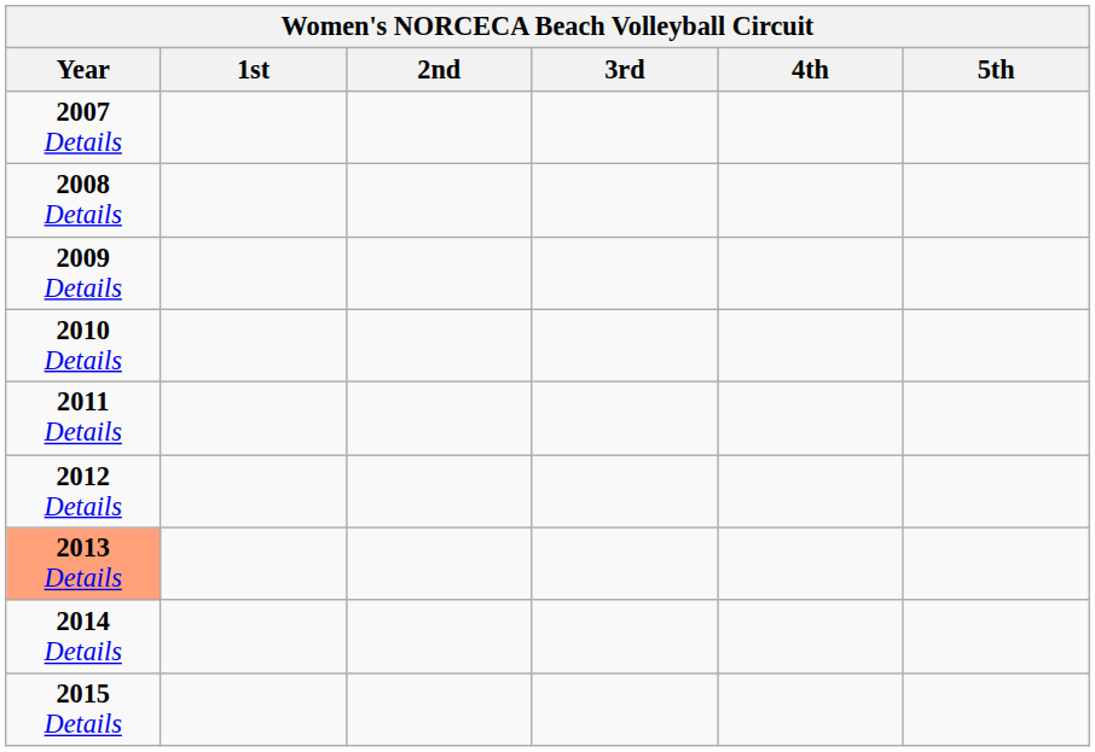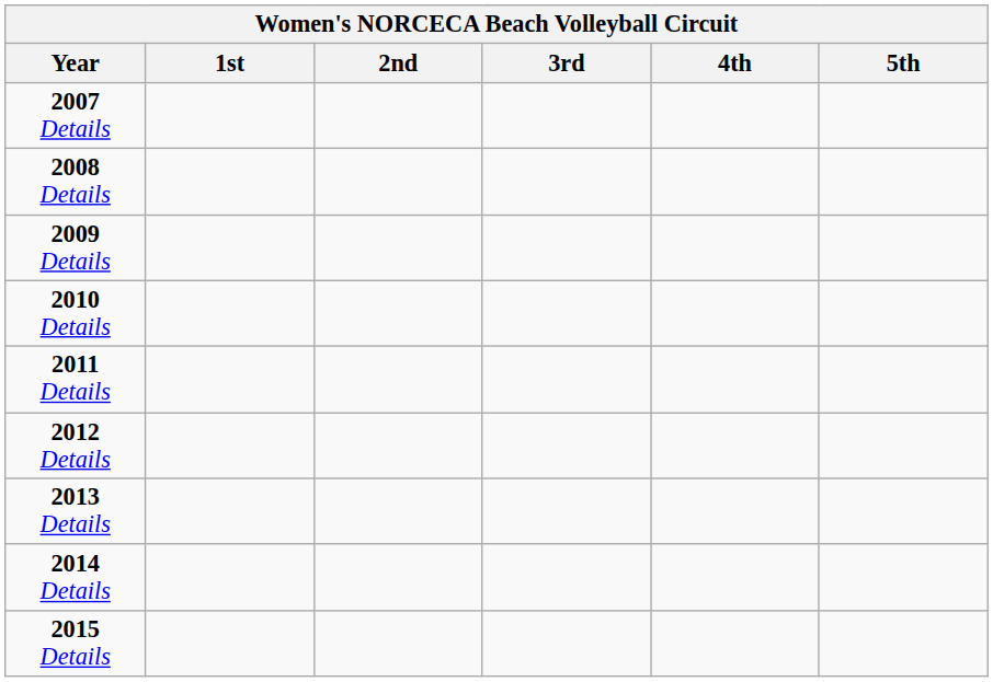 <table class="wikitable">
 <tr style= "background: #e2e2e2;">
 <th colspan=6 width=100%>Women's NORCECA Beach Volleyball Circuit</th>
 </tr>
 <tr style="background: #efefef;">
 <th width=10%>Year</th>
 <th width=12%>1st</th>
 <th width=12%>2nd</th>
 <th width=12%>3rd</th>
 <th width=12%>4th</th>
 <th width=12%>5th</th>
 </tr>
 <tr align=center>
 <td><strong>2007</strong><br><em><a href='#'>Details</a></em></td>
 <td><strong></strong></td>
 <td></td>
 <td></td>
 <td><br></td>
 <td></td>
 </tr>
 <tr align=center>
 <td><strong>2008</strong><br><em><a href='#'>Details</a></em></td>
 <td><strong></strong></td>
 <td></td>
 <td></td>
 <td></td>
 <td></td>
 </tr>
 <tr align=center>
 <td><strong>2009</strong><br><em><a href='#'>Details</a></em></td>
 <td><strong></strong></td>
 <td></td>
 <td></td>
 <td></td>
 <td></td>
 </tr>
 <tr align=center>
 <td><strong>2010</strong><br><em><a href='#'>Details</a></em></td>
 <td><strong></strong></td>
 <td></td>
 <td></td>
 <td></td>
 <td></td>
 </tr>
 <tr align=center>
 <td><strong>2011</strong><br><em><a href='#'>Details</a></em></td>
 <td><strong></strong></td>
 <td></td>
 <td></td>
 <td></td>
 <td></td>
 </tr>
 <tr align=center>
 <td><strong>2012</strong><br><em><a href='#'>Details</a></em></td>
 <td><strong></strong></td>
 <td></td>
 <td></td>
 <td></td>
 <td></td>
 </tr>
 <tr align=center>
-<td style="background: lightsalmon;"><strong>2013</strong><br><em><a href='#'>Details</a></em></td>
+<td><strong>2013</strong><br><em><a href='#'>Details</a></em></td>
 <td><strong></strong></td>
 <td></td>
 <td></td>
 <td></td>
 <td></td>
 </tr>
 <tr align=center>
 <td><strong>2014</strong><br><em><a href='#'>Details</a></em></td>
 <td><strong></strong></td>
 <td></td>
 <td></td>
 <td></td>
 <td></td>
 </tr>
 <tr align=center>
 <td><strong>2015</strong><br><em><a href='#'>Details</a></em></td>
 <td><strong></strong></td>
 <td></td>
 <td></td>
 <td></td>
 <td></td>
 </tr>
 </table>
